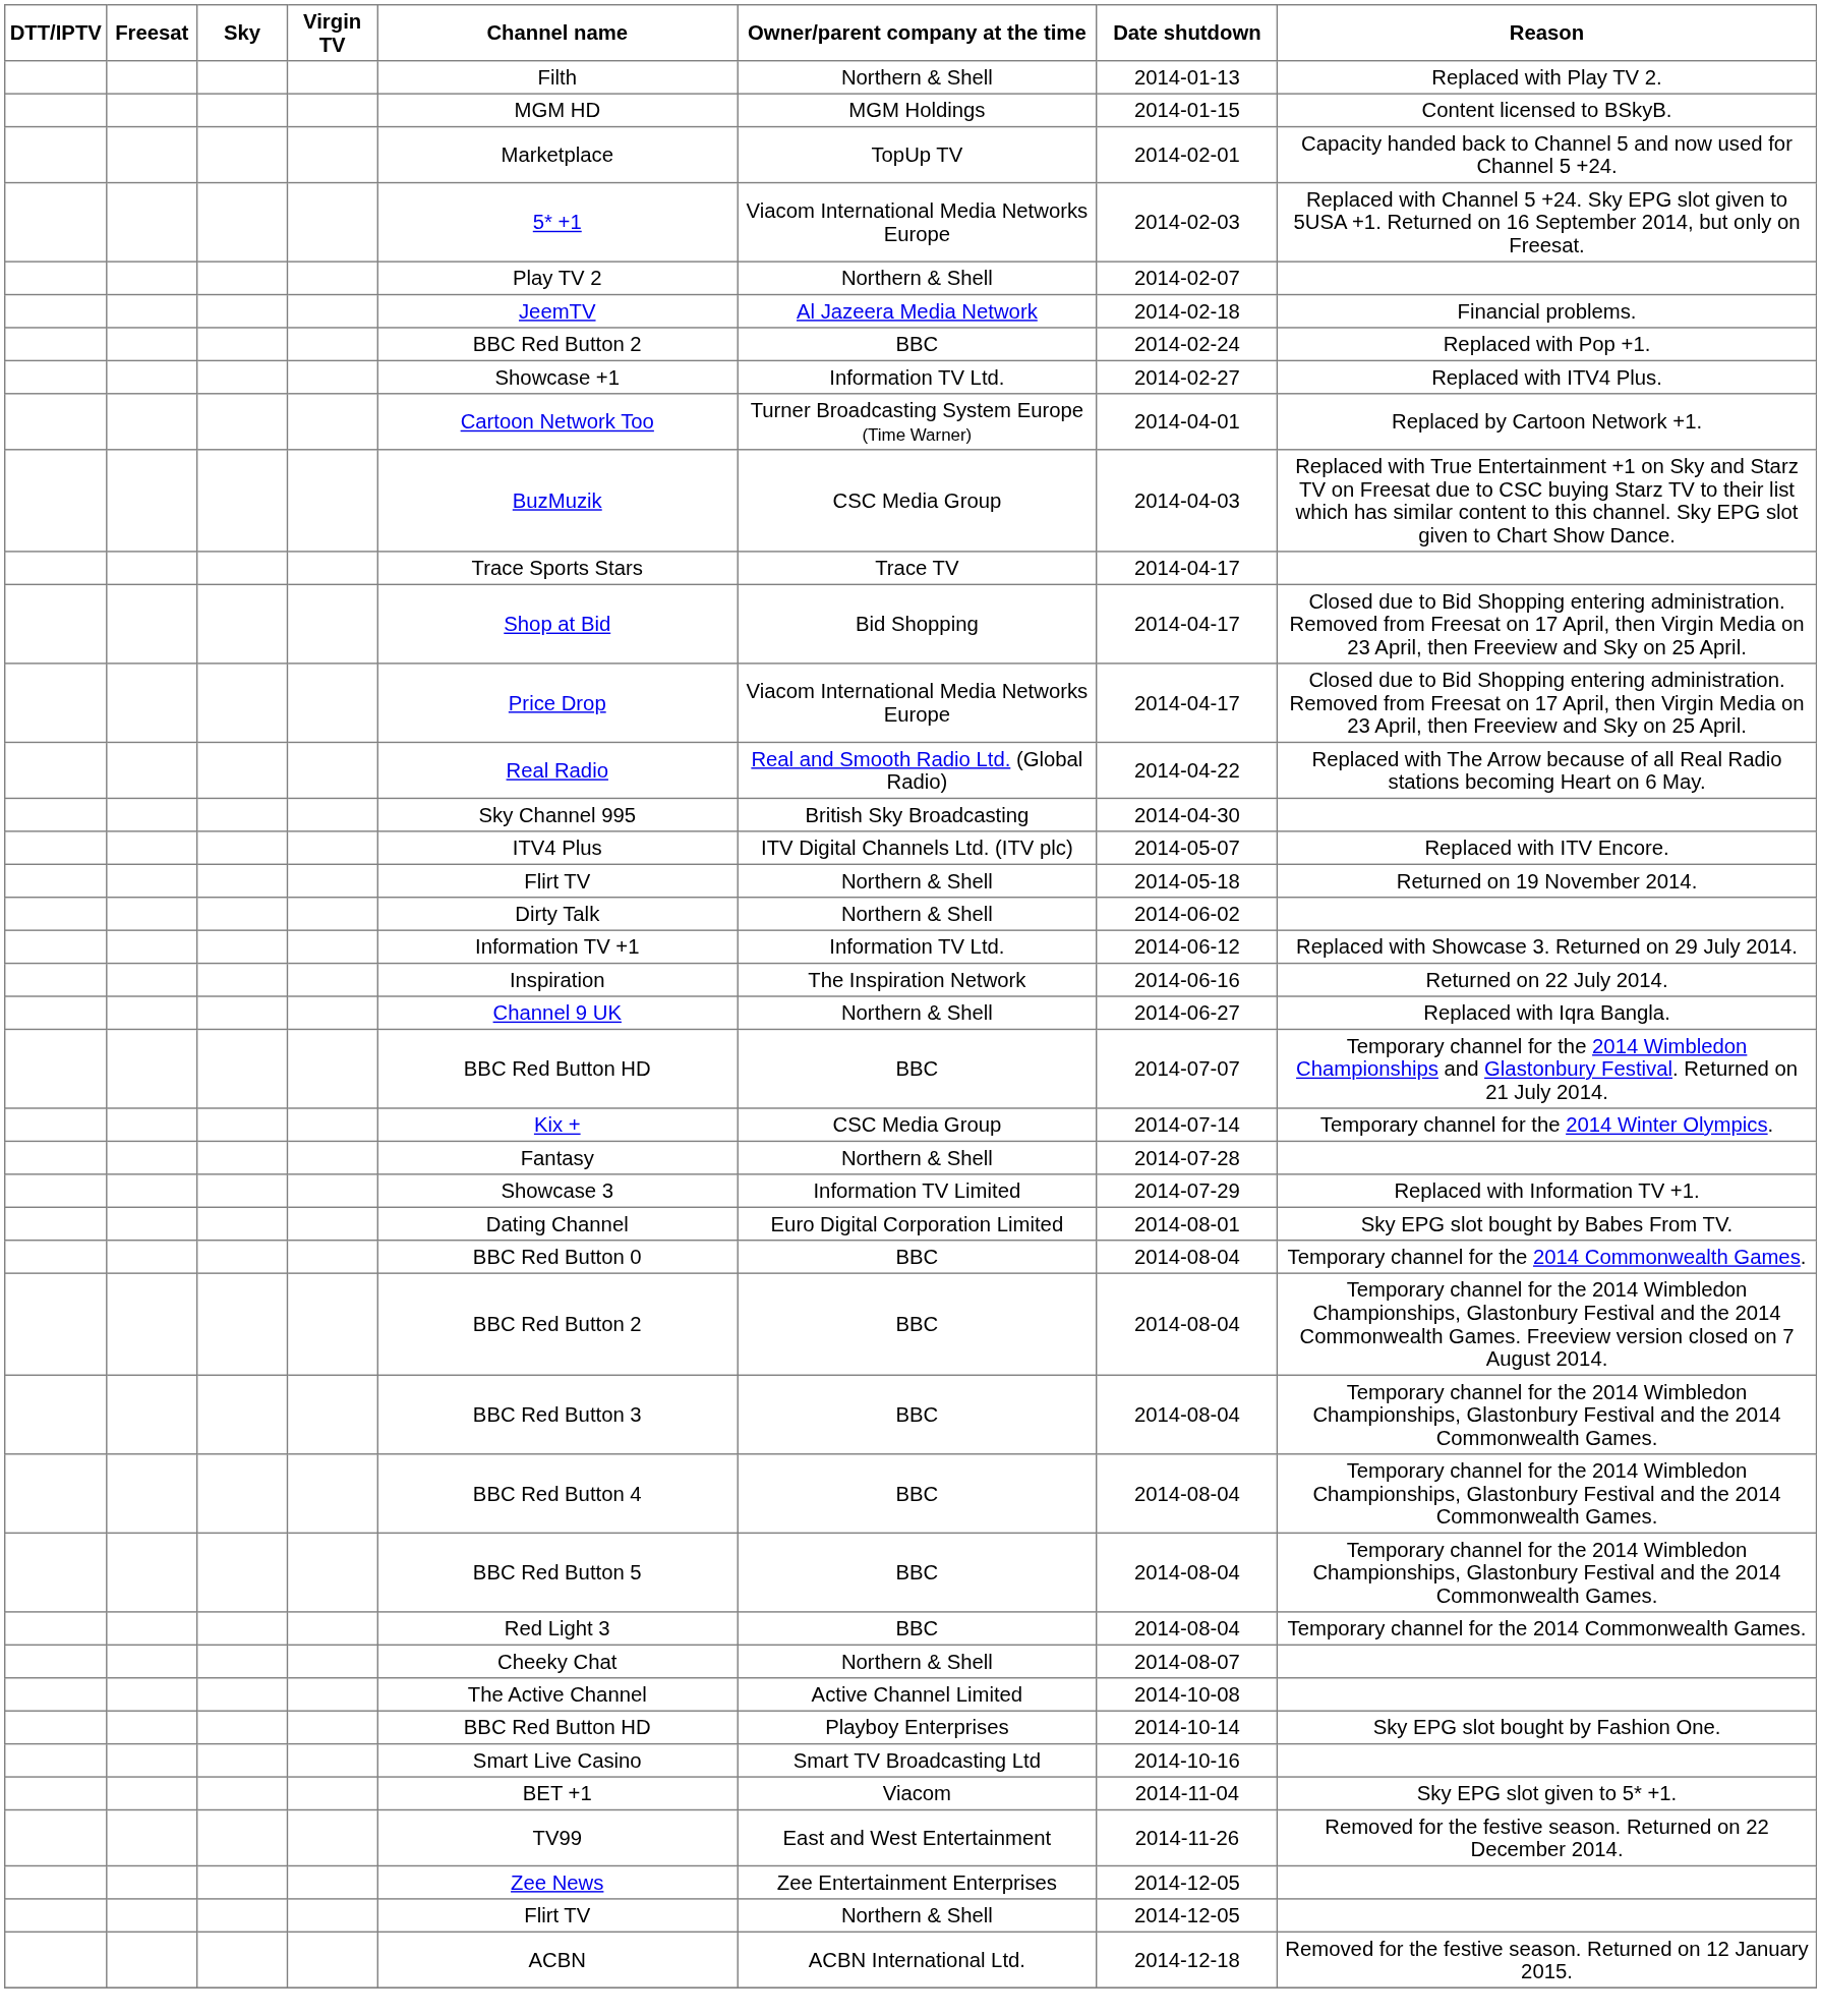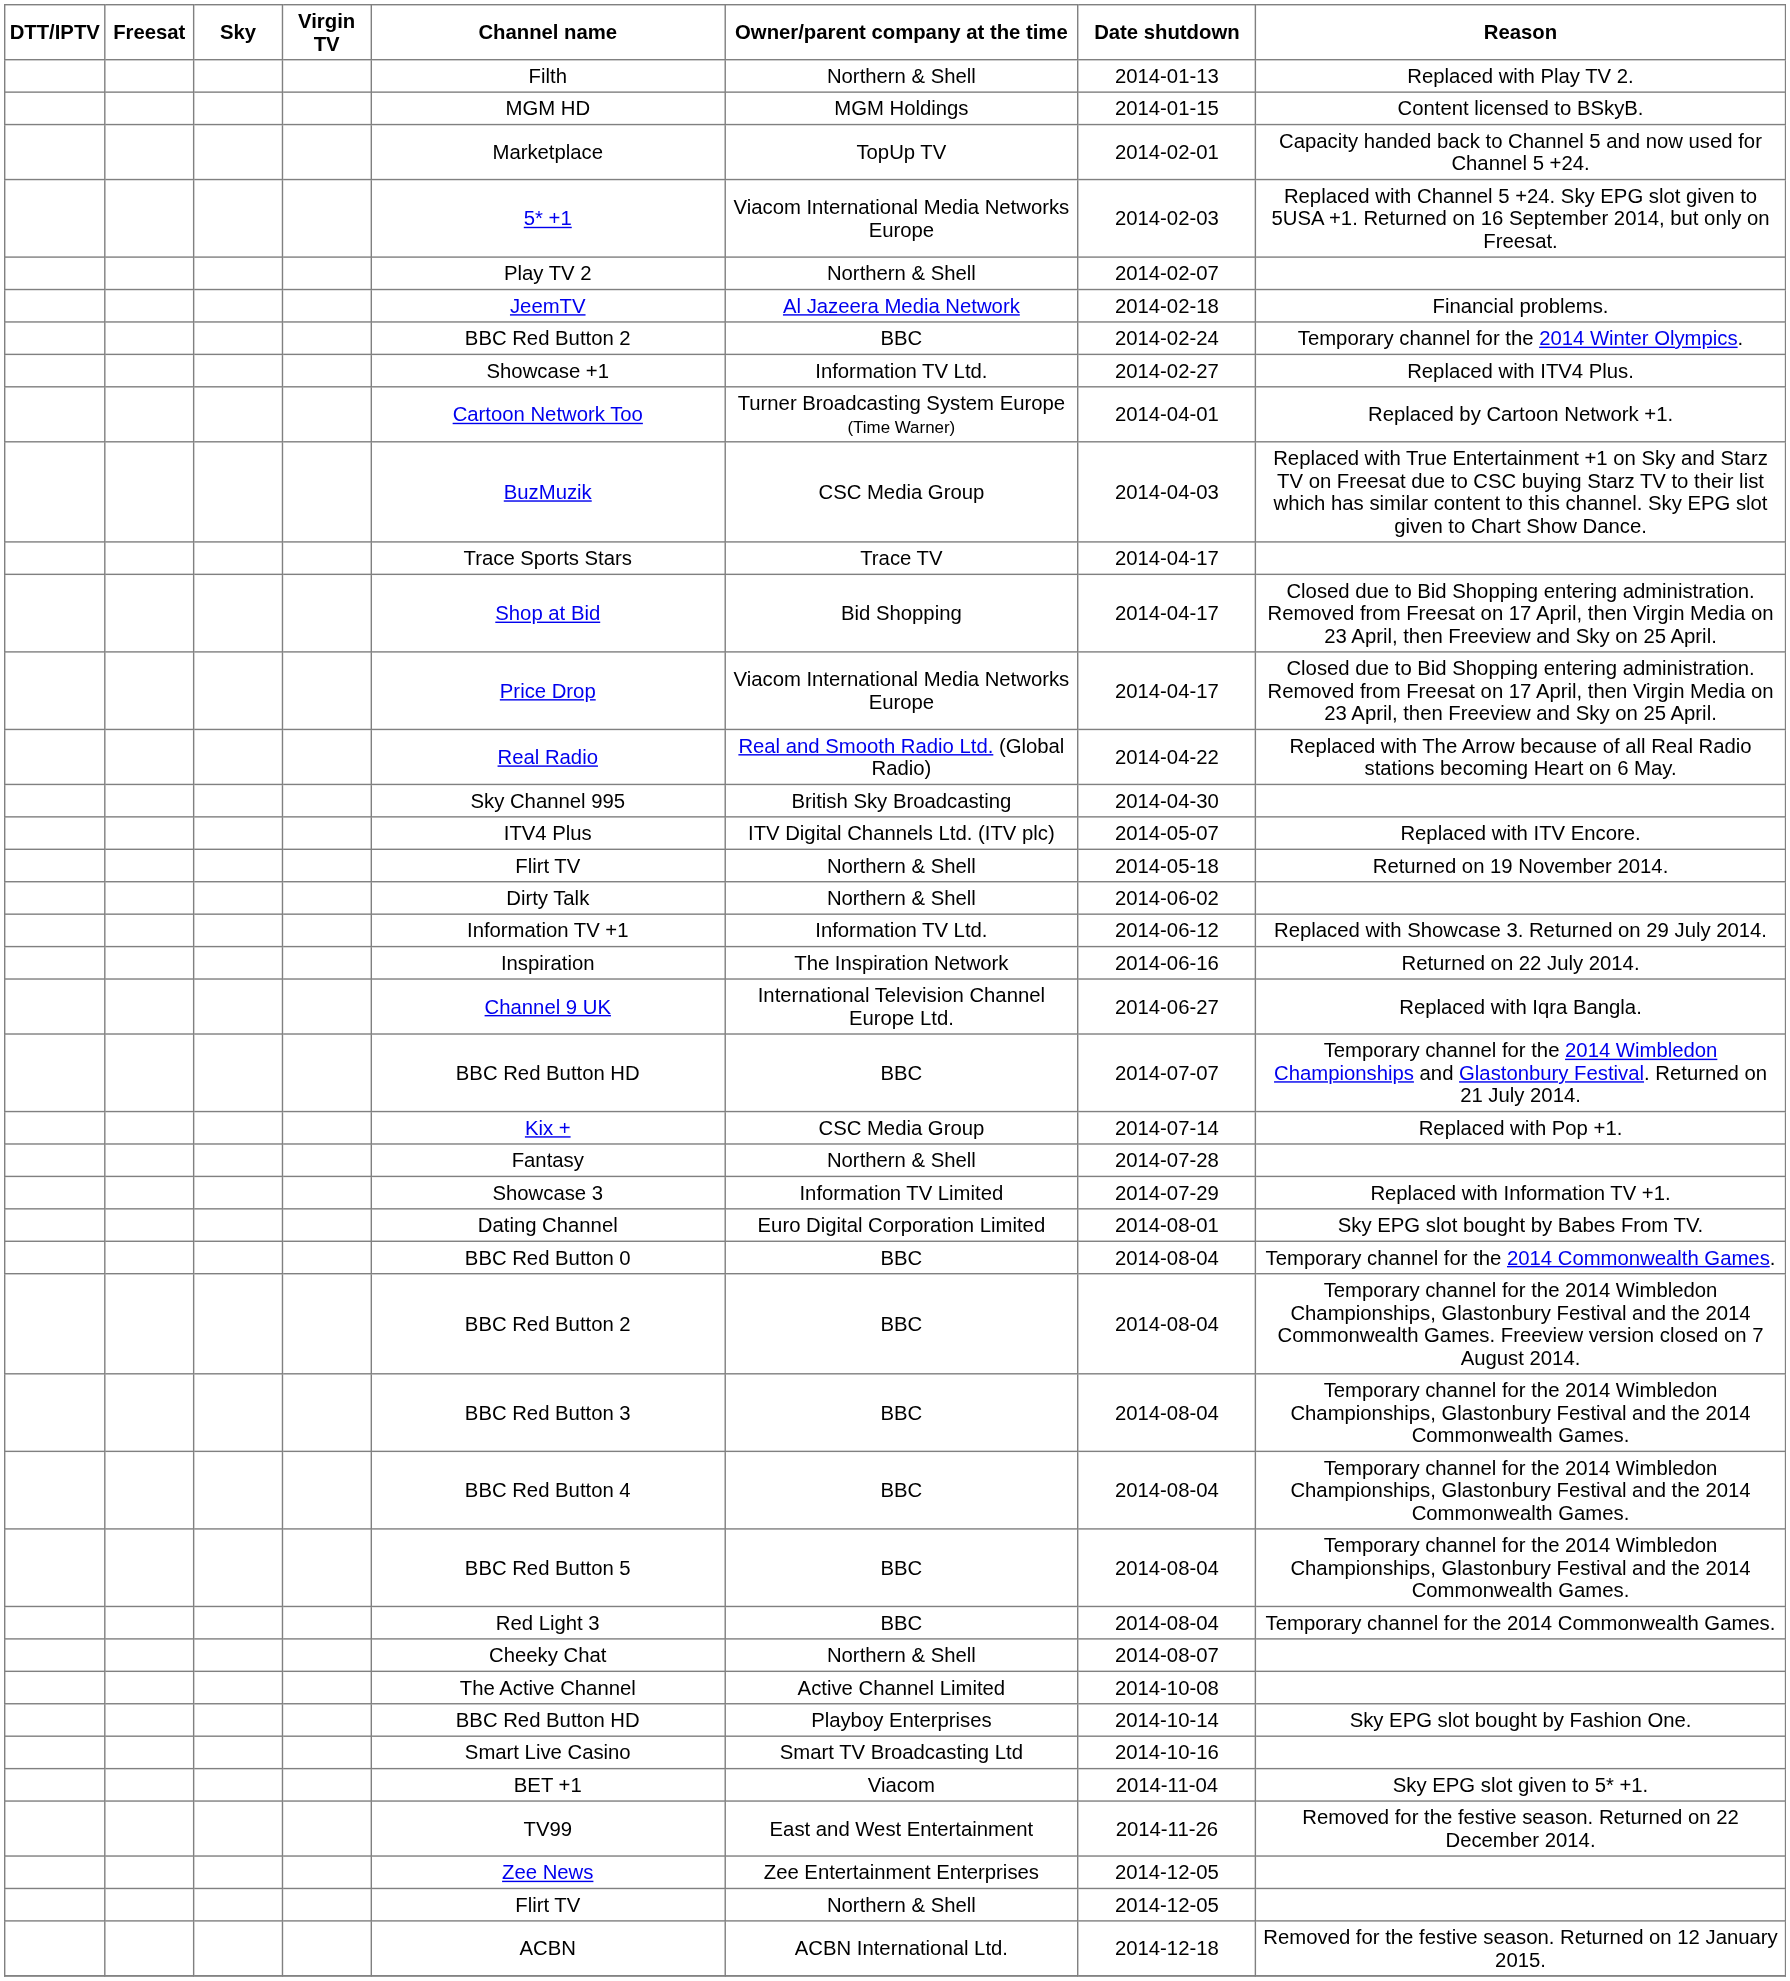 <table class="toccolors sortable" border="1" cellpadding="3" style="border-collapse:collapse; font-size: 90%; text-align:center" width="100%">
 <tr>
 <th width="5%">DTT/IPTV</th>
 <th width="5%">Freesat</th>
 <th width="5%">Sky</th>
 <th width="5%">Virgin TV</th>
 <th width="20%">Channel name</th>
 <th width="20%">Owner/parent company at the time</th>
 <th width="10%">Date shutdown </th>
 <th width="30%">Reason</th>
 </tr>
 <tr>
 <td></td>
 <td></td>
 <td></td>
 <td></td>
 <td>Filth</td>
 <td>Northern & Shell</td>
 <td>2014-01-13</td>
 <td>Replaced with Play TV 2.</td>
 </tr>
 <tr>
 <td></td>
 <td></td>
 <td></td>
 <td></td>
 <td>MGM HD</td>
 <td>MGM Holdings</td>
 <td>2014-01-15</td>
 <td>Content licensed to BSkyB.</td>
 </tr>
 <tr>
 <td></td>
 <td></td>
 <td></td>
 <td></td>
 <td>Marketplace</td>
 <td>TopUp TV</td>
 <td>2014-02-01</td>
 <td>Capacity handed back to Channel 5 and now used for Channel 5 +24.</td>
 </tr>
 <tr>
 <td></td>
 <td></td>
 <td></td>
 <td></td>
 <td><a href='#'>5* +1</a></td>
 <td>Viacom International Media Networks Europe</td>
 <td>2014-02-03</td>
 <td>Replaced with Channel 5 +24. Sky EPG slot given to 5USA +1. Returned on 16 September 2014, but only on Freesat.</td>
 </tr>
 <tr>
 <td></td>
 <td></td>
 <td></td>
 <td></td>
 <td>Play TV 2</td>
 <td>Northern & Shell</td>
 <td>2014-02-07</td>
 <td></td>
 </tr>
 <tr>
 <td></td>
 <td></td>
 <td></td>
 <td></td>
 <td><a href='#'>JeemTV</a></td>
 <td><a href='#'>Al Jazeera Media Network</a></td>
 <td>2014-02-18</td>
 <td>Financial problems.</td>
 </tr>
 <tr>
 <td></td>
 <td></td>
 <td></td>
 <td></td>
 <td>BBC Red Button 2</td>
 <td>BBC</td>
 <td>2014-02-24</td>
-<td>Replaced with Pop +1.</td>
+<td>Temporary channel for the <a href='#'>2014 Winter Olympics</a>.</td>
 </tr>
 <tr>
 <td></td>
 <td></td>
 <td></td>
 <td></td>
 <td>Showcase +1</td>
 <td>Information TV Ltd.</td>
 <td>2014-02-27</td>
 <td>Replaced with ITV4 Plus.</td>
 </tr>
 <tr>
 <td></td>
 <td></td>
 <td></td>
 <td></td>
 <td><a href='#'>Cartoon Network Too</a></td>
 <td>Turner Broadcasting System Europe <small>(Time Warner)</small></td>
 <td>2014-04-01</td>
 <td>Replaced by Cartoon Network +1.</td>
 </tr>
 <tr>
 <td></td>
 <td></td>
 <td></td>
 <td></td>
 <td><a href='#'>BuzMuzik</a></td>
 <td>CSC Media Group</td>
 <td>2014-04-03</td>
 <td>Replaced with True Entertainment +1 on Sky and Starz TV on Freesat due to CSC buying Starz TV to their list which has similar content to this channel. Sky EPG slot given to Chart Show Dance.</td>
 </tr>
 <tr>
 <td></td>
 <td></td>
 <td></td>
 <td></td>
 <td>Trace Sports Stars</td>
 <td>Trace TV</td>
 <td>2014-04-17</td>
 <td></td>
 </tr>
 <tr>
 <td></td>
 <td></td>
 <td></td>
 <td></td>
 <td><a href='#'>Shop at Bid</a></td>
 <td>Bid Shopping</td>
 <td>2014-04-17</td>
 <td>Closed due to Bid Shopping entering administration. Removed from Freesat on 17 April, then Virgin Media on 23 April, then Freeview and Sky on 25 April.</td>
 </tr>
 <tr>
 <td></td>
 <td></td>
 <td></td>
 <td></td>
 <td><a href='#'>Price Drop</a></td>
 <td>Viacom International Media Networks Europe</td>
 <td>2014-04-17</td>
 <td>Closed due to Bid Shopping entering administration. Removed from Freesat on 17 April, then Virgin Media on 23 April, then Freeview and Sky on 25 April.</td>
 </tr>
 <tr>
 <td></td>
 <td></td>
 <td></td>
 <td></td>
 <td><a href='#'>Real Radio</a></td>
 <td><a href='#'>Real and Smooth Radio Ltd.</a> (Global Radio)</td>
 <td>2014-04-22</td>
 <td>Replaced with The Arrow because of all Real Radio stations becoming Heart on 6 May.</td>
 </tr>
 <tr>
 <td></td>
 <td></td>
 <td></td>
 <td></td>
 <td>Sky Channel 995</td>
 <td>British Sky Broadcasting</td>
 <td>2014-04-30</td>
 <td></td>
 </tr>
 <tr>
 <td></td>
 <td></td>
 <td></td>
 <td></td>
 <td>ITV4 Plus</td>
 <td>ITV Digital Channels Ltd. (ITV plc)</td>
 <td>2014-05-07</td>
 <td>Replaced with ITV Encore.</td>
 </tr>
 <tr>
 <td></td>
 <td></td>
 <td></td>
 <td></td>
 <td>Flirt TV</td>
 <td>Northern & Shell</td>
 <td>2014-05-18</td>
 <td>Returned on 19 November 2014.</td>
 </tr>
 <tr>
 <td></td>
 <td></td>
 <td></td>
 <td></td>
 <td>Dirty Talk</td>
 <td>Northern & Shell</td>
 <td>2014-06-02</td>
 <td></td>
 </tr>
 <tr>
 <td></td>
 <td></td>
 <td></td>
 <td></td>
 <td>Information TV +1</td>
 <td>Information TV Ltd.</td>
 <td>2014-06-12</td>
 <td>Replaced with Showcase 3. Returned on 29 July 2014.</td>
 </tr>
 <tr>
 <td></td>
 <td></td>
 <td></td>
 <td></td>
 <td>Inspiration</td>
 <td>The Inspiration Network</td>
 <td>2014-06-16</td>
 <td>Returned on 22 July 2014.</td>
 </tr>
 <tr>
 <td></td>
 <td></td>
 <td></td>
 <td></td>
 <td><a href='#'>Channel 9 UK</a></td>
-<td>Northern & Shell</td>
+<td>International Television Channel Europe Ltd.</td>
 <td>2014-06-27</td>
 <td>Replaced with Iqra Bangla.</td>
 </tr>
 <tr>
 <td></td>
 <td></td>
 <td></td>
 <td></td>
 <td>BBC Red Button HD</td>
 <td>BBC</td>
 <td>2014-07-07</td>
 <td>Temporary channel for the <a href='#'>2014 Wimbledon Championships</a> and <a href='#'>Glastonbury Festival</a>. Returned on 21 July 2014.</td>
 </tr>
 <tr>
 <td></td>
 <td></td>
 <td></td>
 <td></td>
 <td><a href='#'>Kix +</a></td>
 <td>CSC Media Group</td>
 <td>2014-07-14</td>
-<td>Temporary channel for the <a href='#'>2014 Winter Olympics</a>.</td>
+<td>Replaced with Pop +1.</td>
 </tr>
 <tr>
 <td></td>
 <td></td>
 <td></td>
 <td></td>
 <td>Fantasy</td>
 <td>Northern & Shell</td>
 <td>2014-07-28</td>
 <td></td>
 </tr>
 <tr>
 <td></td>
 <td></td>
 <td></td>
 <td></td>
 <td>Showcase 3</td>
 <td>Information TV Limited</td>
 <td>2014-07-29</td>
 <td>Replaced with Information TV +1.</td>
 </tr>
 <tr>
 <td></td>
 <td></td>
 <td></td>
 <td></td>
 <td>Dating Channel</td>
 <td>Euro Digital Corporation Limited</td>
 <td>2014-08-01</td>
 <td>Sky EPG slot bought by Babes From TV.</td>
 </tr>
 <tr>
 <td></td>
 <td></td>
 <td></td>
 <td></td>
 <td>BBC Red Button 0</td>
 <td>BBC</td>
 <td>2014-08-04</td>
 <td>Temporary channel for the <a href='#'>2014 Commonwealth Games</a>.</td>
 </tr>
 <tr>
 <td></td>
 <td></td>
 <td></td>
 <td></td>
 <td>BBC Red Button 2</td>
 <td>BBC</td>
 <td>2014-08-04</td>
 <td>Temporary channel for the 2014 Wimbledon Championships, Glastonbury Festival and the 2014 Commonwealth Games. Freeview version closed on 7 August 2014.</td>
 </tr>
 <tr>
 <td></td>
 <td></td>
 <td></td>
 <td></td>
 <td>BBC Red Button 3</td>
 <td>BBC</td>
 <td>2014-08-04</td>
 <td>Temporary channel for the 2014 Wimbledon Championships, Glastonbury Festival and the 2014 Commonwealth Games.</td>
 </tr>
 <tr>
 <td></td>
 <td></td>
 <td></td>
 <td></td>
 <td>BBC Red Button 4</td>
 <td>BBC</td>
 <td>2014-08-04</td>
 <td>Temporary channel for the 2014 Wimbledon Championships, Glastonbury Festival and the 2014 Commonwealth Games.</td>
 </tr>
 <tr>
 <td></td>
 <td></td>
 <td></td>
 <td></td>
 <td>BBC Red Button 5</td>
 <td>BBC</td>
 <td>2014-08-04</td>
 <td>Temporary channel for the 2014 Wimbledon Championships, Glastonbury Festival and the 2014 Commonwealth Games.</td>
 </tr>
 <tr>
 <td></td>
 <td></td>
 <td></td>
 <td></td>
 <td>Red Light 3</td>
 <td>BBC</td>
 <td>2014-08-04</td>
 <td>Temporary channel for the 2014 Commonwealth Games.</td>
 </tr>
 <tr>
 <td></td>
 <td></td>
 <td></td>
 <td></td>
 <td>Cheeky Chat</td>
 <td>Northern & Shell</td>
 <td>2014-08-07</td>
 <td></td>
 </tr>
 <tr>
 <td></td>
 <td></td>
 <td></td>
 <td></td>
 <td>The Active Channel</td>
 <td>Active Channel Limited</td>
 <td>2014-10-08</td>
 <td></td>
 </tr>
 <tr>
 <td></td>
 <td></td>
 <td></td>
 <td></td>
 <td>BBC Red Button HD</td>
 <td>Playboy Enterprises</td>
 <td>2014-10-14</td>
 <td>Sky EPG slot bought by Fashion One.</td>
 </tr>
 <tr>
 <td></td>
 <td></td>
 <td></td>
 <td></td>
 <td>Smart Live Casino</td>
 <td>Smart TV Broadcasting Ltd</td>
 <td>2014-10-16</td>
 <td></td>
 </tr>
 <tr>
 <td></td>
 <td></td>
 <td></td>
 <td></td>
 <td>BET +1</td>
 <td>Viacom</td>
 <td>2014-11-04</td>
 <td>Sky EPG slot given to 5* +1.</td>
 </tr>
 <tr>
 <td></td>
 <td></td>
 <td></td>
 <td></td>
 <td>TV99</td>
 <td>East and West Entertainment</td>
 <td>2014-11-26</td>
 <td>Removed for the festive season. Returned on 22 December 2014.</td>
 </tr>
 <tr>
 <td></td>
 <td></td>
 <td></td>
 <td></td>
 <td><a href='#'>Zee News</a></td>
 <td>Zee Entertainment Enterprises</td>
 <td>2014-12-05</td>
 <td></td>
 </tr>
 <tr>
 <td></td>
 <td></td>
 <td></td>
 <td></td>
 <td>Flirt TV</td>
 <td>Northern & Shell</td>
 <td>2014-12-05</td>
 <td></td>
 </tr>
 <tr>
 <td></td>
 <td></td>
 <td></td>
 <td></td>
 <td>ACBN</td>
 <td>ACBN International Ltd.</td>
 <td>2014-12-18</td>
 <td>Removed for the festive season. Returned on 12 January 2015.</td>
 </tr>
 <tr>
 </tr>
 </table>
